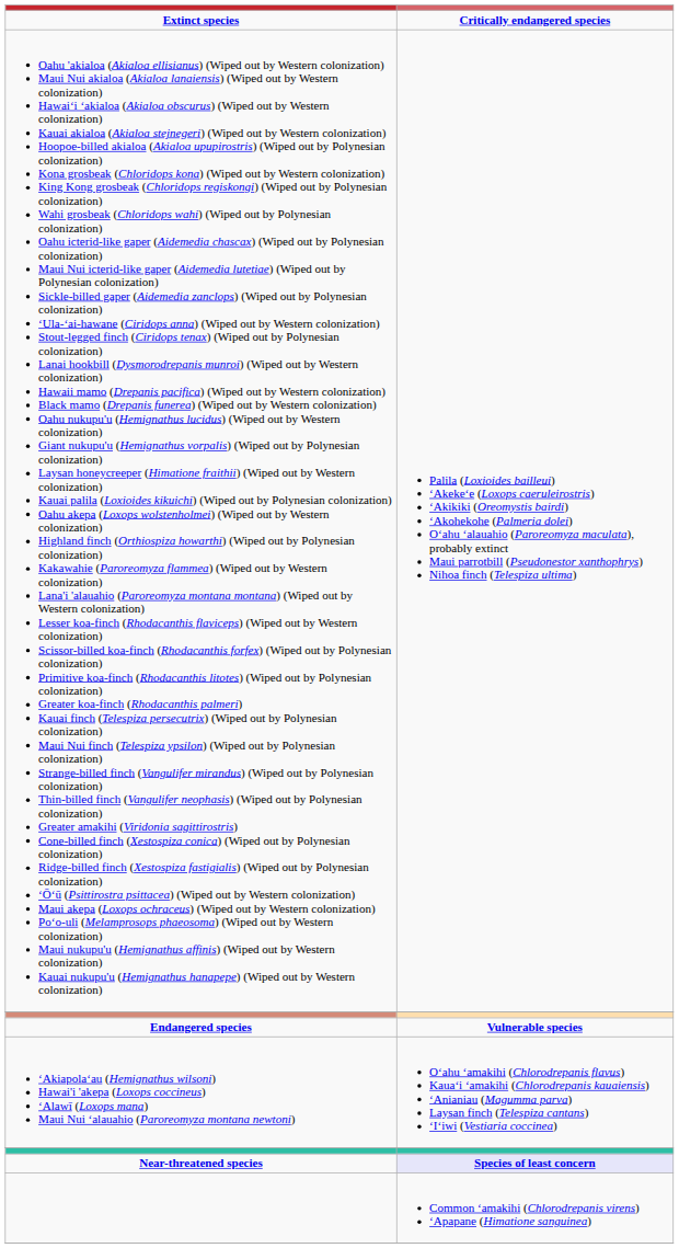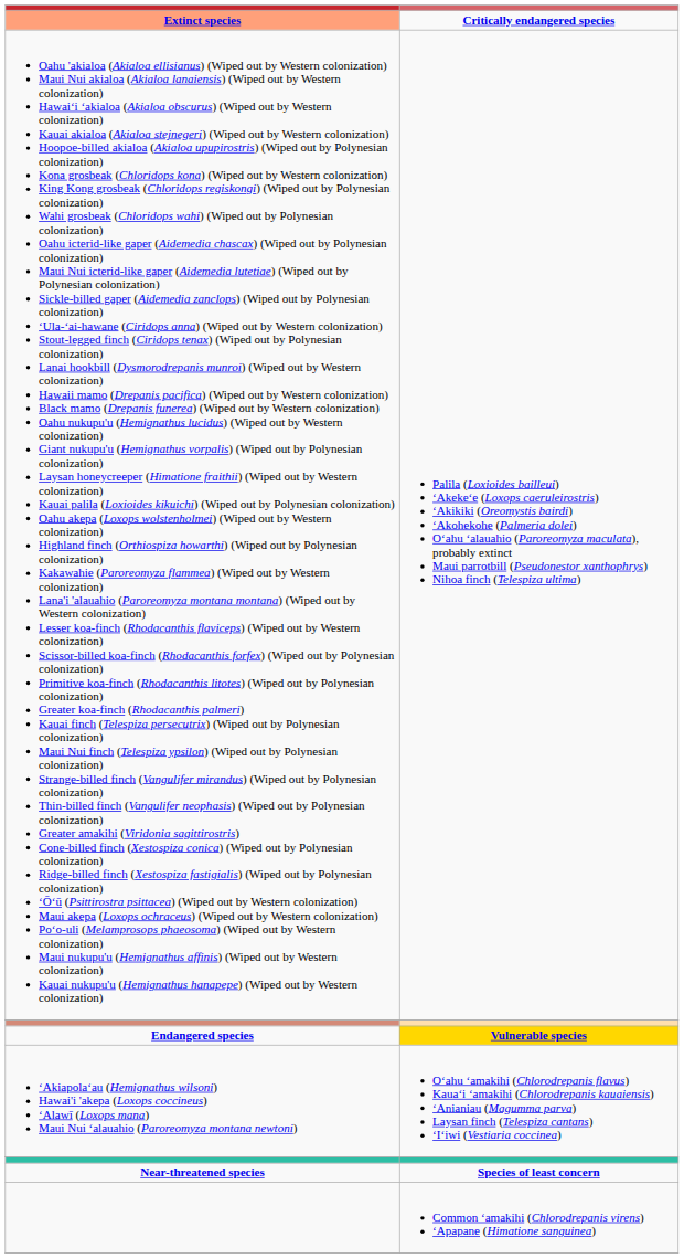 <table class="wikitable" align="right" style="margin-left:5px; padding:5px; width: 70%">
 <tr>
 <th style="background:#C7262E;"></th>
 <th colspan="2" style="background:#D66268;"></th>
 </tr>
 <tr>
-<td align="center"><strong><a href='#'>Extinct species</a></strong></td>
+<td align="center" style="background: lightsalmon;"><strong><a href='#'>Extinct species</a></strong></td>
 <td align="center"><strong><a href='#'>Critically endangered species</a></strong></td>
 </tr>
 <tr>
 <td><br><ul><li><a href='#'>Oahu 'akialoa</a> (<em><a href='#'>Akialoa ellisianus</a></em>) (Wiped out by Western colonization)</li><li><a href='#'>Maui Nui akialoa</a> (<em><a href='#'>Akialoa lanaiensis</a></em>) (Wiped out by Western colonization)</li><li><a href='#'>Hawaiʻi ʻakialoa</a> (<em><a href='#'>Akialoa obscurus</a></em>) (Wiped out by Western colonization)</li><li><a href='#'>Kauai akialoa</a> (<em><a href='#'>Akialoa stejnegeri</a></em>) (Wiped out by Western colonization)</li><li><a href='#'>Hoopoe-billed akialoa</a> (<em><a href='#'>Akialoa upupirostris</a></em>) (Wiped out by Polynesian colonization)</li><li><a href='#'>Kona grosbeak</a> (<em><a href='#'>Chloridops kona</a></em>) (Wiped out by Western colonization)</li><li><a href='#'>King Kong grosbeak</a> (<em><a href='#'>Chloridops regiskongi</a></em>) (Wiped out by Polynesian colonization)</li><li><a href='#'>Wahi grosbeak</a> (<em><a href='#'>Chloridops wahi</a></em>) (Wiped out by Polynesian colonization)</li><li><a href='#'>Oahu icterid-like gaper</a> (<em><a href='#'>Aidemedia chascax</a></em>) (Wiped out by Polynesian colonization)</li><li><a href='#'>Maui Nui icterid-like gaper</a> (<em><a href='#'>Aidemedia lutetiae</a></em>) (Wiped out by Polynesian colonization)</li><li><a href='#'>Sickle-billed gaper</a> (<em><a href='#'>Aidemedia zanclops</a></em>) (Wiped out by Polynesian colonization)</li><li><a href='#'>ʻUla-ʻai-hawane</a> (<em><a href='#'>Ciridops anna</a></em>) (Wiped out by Western colonization)</li><li><a href='#'>Stout-legged finch</a> (<em><a href='#'>Ciridops tenax</a></em>) (Wiped out by Polynesian colonization)</li><li><a href='#'>Lanai hookbill</a> (<em><a href='#'>Dysmorodrepanis munroi</a></em>) (Wiped out by Western colonization)</li><li><a href='#'>Hawaii mamo</a> (<em><a href='#'>Drepanis pacifica</a></em>) (Wiped out by Western colonization)</li><li><a href='#'>Black mamo</a> (<em><a href='#'>Drepanis funerea</a></em>) (Wiped out by Western colonization)</li><li><a href='#'>Oahu nukupu'u</a> (<em><a href='#'>Hemignathus lucidus</a></em>) (Wiped out by Western colonization)</li><li><a href='#'>Giant nukupu'u</a> (<em><a href='#'>Hemignathus vorpalis</a></em>) (Wiped out by Polynesian colonization)</li><li><a href='#'>Laysan honeycreeper</a> (<em><a href='#'>Himatione fraithii</a></em>) (Wiped out by Western colonization)</li><li><a href='#'>Kauai palila</a> (<em><a href='#'>Loxioides kikuichi</a></em>) (Wiped out by Polynesian colonization)</li><li><a href='#'>Oahu akepa</a>  (<em><a href='#'>Loxops wolstenholmei</a></em>) (Wiped out by Western colonization)</li><li><a href='#'>Highland finch</a> (<em><a href='#'>Orthiospiza howarthi</a></em>) (Wiped out by Polynesian colonization)</li><li><a href='#'>Kakawahie</a> (<em><a href='#'>Paroreomyza flammea</a></em>) (Wiped out by Western colonization)</li><li><a href='#'>Lana'i 'alauahio</a> (<em><a href='#'>Paroreomyza montana montana</a></em>) (Wiped out by Western colonization)</li><li><a href='#'>Lesser koa-finch</a> (<em><a href='#'>Rhodacanthis flaviceps</a></em>) (Wiped out by Western colonization)</li><li><a href='#'>Scissor-billed koa-finch</a> (<em><a href='#'>Rhodacanthis forfex</a></em>) (Wiped out by Polynesian colonization)</li><li><a href='#'>Primitive koa-finch</a> (<em><a href='#'>Rhodacanthis litotes</a></em>) (Wiped out by Polynesian colonization)</li><li><a href='#'>Greater koa-finch</a> (<em><a href='#'>Rhodacanthis palmeri</a></em>)</li><li><a href='#'>Kauai finch</a> (<em><a href='#'>Telespiza persecutrix</a></em>) (Wiped out by Polynesian colonization)</li><li><a href='#'>Maui Nui finch</a> (<em><a href='#'>Telespiza ypsilon</a></em>) (Wiped out by Polynesian colonization)</li><li><a href='#'>Strange-billed finch</a> (<em><a href='#'>Vangulifer mirandus</a></em>) (Wiped out by Polynesian colonization)</li><li><a href='#'>Thin-billed finch</a> (<em><a href='#'>Vangulifer neophasis</a></em>) (Wiped out by Polynesian colonization)</li><li><a href='#'>Greater amakihi</a> (<em><a href='#'>Viridonia sagittirostris</a></em>)</li><li><a href='#'>Cone-billed finch</a> (<em><a href='#'>Xestospiza conica</a></em>) (Wiped out by Polynesian colonization)</li><li><a href='#'>Ridge-billed finch</a> (<em><a href='#'>Xestospiza fastigialis</a></em>) (Wiped out by Polynesian colonization)</li><li><a href='#'>ʻŌʻū</a> (<em><a href='#'>Psittirostra psittacea</a></em>) (Wiped out by Western colonization)</li><li><a href='#'>Maui akepa</a> (<em><a href='#'>Loxops ochraceus</a></em>) (Wiped out by Western colonization)</li><li><a href='#'>Poʻo-uli</a> (<em><a href='#'>Melamprosops phaeosoma</a></em>) (Wiped out by Western colonization)</li><li><a href='#'>Maui nukupu'u</a> (<em><a href='#'>Hemignathus affinis</a></em>) (Wiped out by Western colonization)</li><li><a href='#'>Kauai nukupu'u</a> (<em><a href='#'>Hemignathus hanapepe</a></em>) (Wiped out by Western colonization)</li></ul></td>
 <td><br><ul><li><a href='#'>Palila</a> (<em><a href='#'>Loxioides bailleui</a></em>)</li><li><a href='#'>‘Akeke‘e</a> (<em><a href='#'>Loxops caeruleirostris</a></em>)</li><li><a href='#'>ʻAkikiki</a> (<em><a href='#'>Oreomystis bairdi</a></em>)</li><li><a href='#'>ʻAkohekohe</a> (<em><a href='#'>Palmeria dolei</a></em>)</li><li><a href='#'>Oʻahu ʻalauahio</a> (<em><a href='#'>Paroreomyza maculata</a></em>), probably extinct</li><li><a href='#'>Maui parrotbill</a> (<em><a href='#'>Pseudonestor xanthophrys</a></em>)</li><li><a href='#'>Nihoa finch</a> (<em><a href='#'>Telespiza ultima</a></em>)</li></ul></td>
 </tr>
 <tr>
 </tr>
 <tr>
 <th style="background:#D48A78;"></th>
 <th colspan="2" style="background:#ffdead;"></th>
 </tr>
 <tr>
 <td align="center"><strong><a href='#'>Endangered species</a></strong></td>
-<td align="center"><strong><a href='#'>Vulnerable species</a></strong></td>
+<td align="center" style="background: gold;"><strong><a href='#'>Vulnerable species</a></strong></td>
 </tr>
 <tr>
 <td><br><ul><li><a href='#'>ʻAkiapolaʻau</a> (<em><a href='#'>Hemignathus wilsoni</a></em>)</li><li><a href='#'>Hawai'i 'akepa</a> (<em><a href='#'>Loxops coccineus</a></em>)</li><li><a href='#'>ʻAlawī</a> (<em><a href='#'>Loxops mana</a></em>)</li><li><a href='#'>Maui Nui ʻalauahio</a> (<em><a href='#'>Paroreomyza montana newtoni</a></em>)</li></ul></td>
 <td><br><ul><li><a href='#'>Oʻahu ʻamakihi</a> (<em><a href='#'>Chlorodrepanis flavus</a></em>)</li><li><a href='#'>Kauaʻi ʻamakihi</a> (<em><a href='#'>Chlorodrepanis kauaiensis</a></em>)</li><li><a href='#'>ʻAnianiau</a> (<em><a href='#'>Magumma parva</a></em>)</li><li><a href='#'>Laysan finch</a> (<em><a href='#'>Telespiza cantans</a></em>)</li><li><a href='#'>ʻIʻiwi</a> (<em><a href='#'>Vestiaria coccinea</a></em>)</li></ul></td>
 </tr>
 <tr>
 </tr>
 <tr>
 <th style="background:#2DBFA5;"></th>
 <th style="background:#2DBFA5;"></th>
 </tr>
 <tr>
 <td align="center"><strong><a href='#'>Near-threatened species</a></strong></td>
-<td align="center" style="background: lavender;"><strong><a href='#'>Species of least concern</a></strong></td>
+<td align="center"><strong><a href='#'>Species of least concern</a></strong></td>
 </tr>
 <tr>
 <td></td>
 <td><br><ul><li><a href='#'>Common ʻamakihi</a> (<em><a href='#'>Chlorodrepanis virens</a></em>)</li><li><a href='#'>ʻApapane</a> (<em><a href='#'>Himatione sanguinea</a></em>)</li></ul></td>
 </tr>
 <tr>
 </tr>
 </table>
